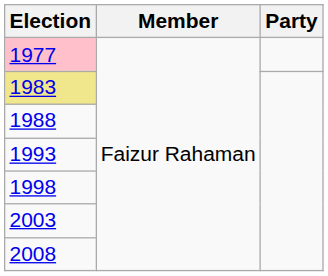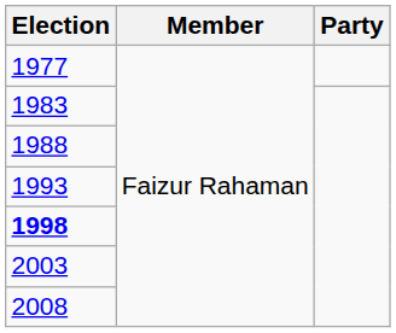 <table class="wikitable sortable">
 <tr>
 <th>Election</th>
 <th>Member</th>
 <th colspan=2>Party</th>
 </tr>
 <tr>
-<td style="background: pink;"><a href='#'>1977</a></td>
+<td><a href='#'>1977</a></td>
 <td rowspan=7>Faizur Rahaman</td>
 <td></td>
 </tr>
 <tr>
-<td style="background: khaki;"><a href='#'>1983</a></td>
+<td><a href='#'>1983</a></td>
 </tr>
 <tr>
 <td><a href='#'>1988</a></td>
 </tr>
 <tr>
 <td><a href='#'>1993</a></td>
 </tr>
 <tr>
-<td><a href='#'>1998</a></td>
+<td><strong><a href='#'>1998</a></strong></td>
 </tr>
 <tr>
 <td><a href='#'>2003</a></td>
 </tr>
 <tr>
 <td><a href='#'>2008</a></td>
 </tr>
 </table>
